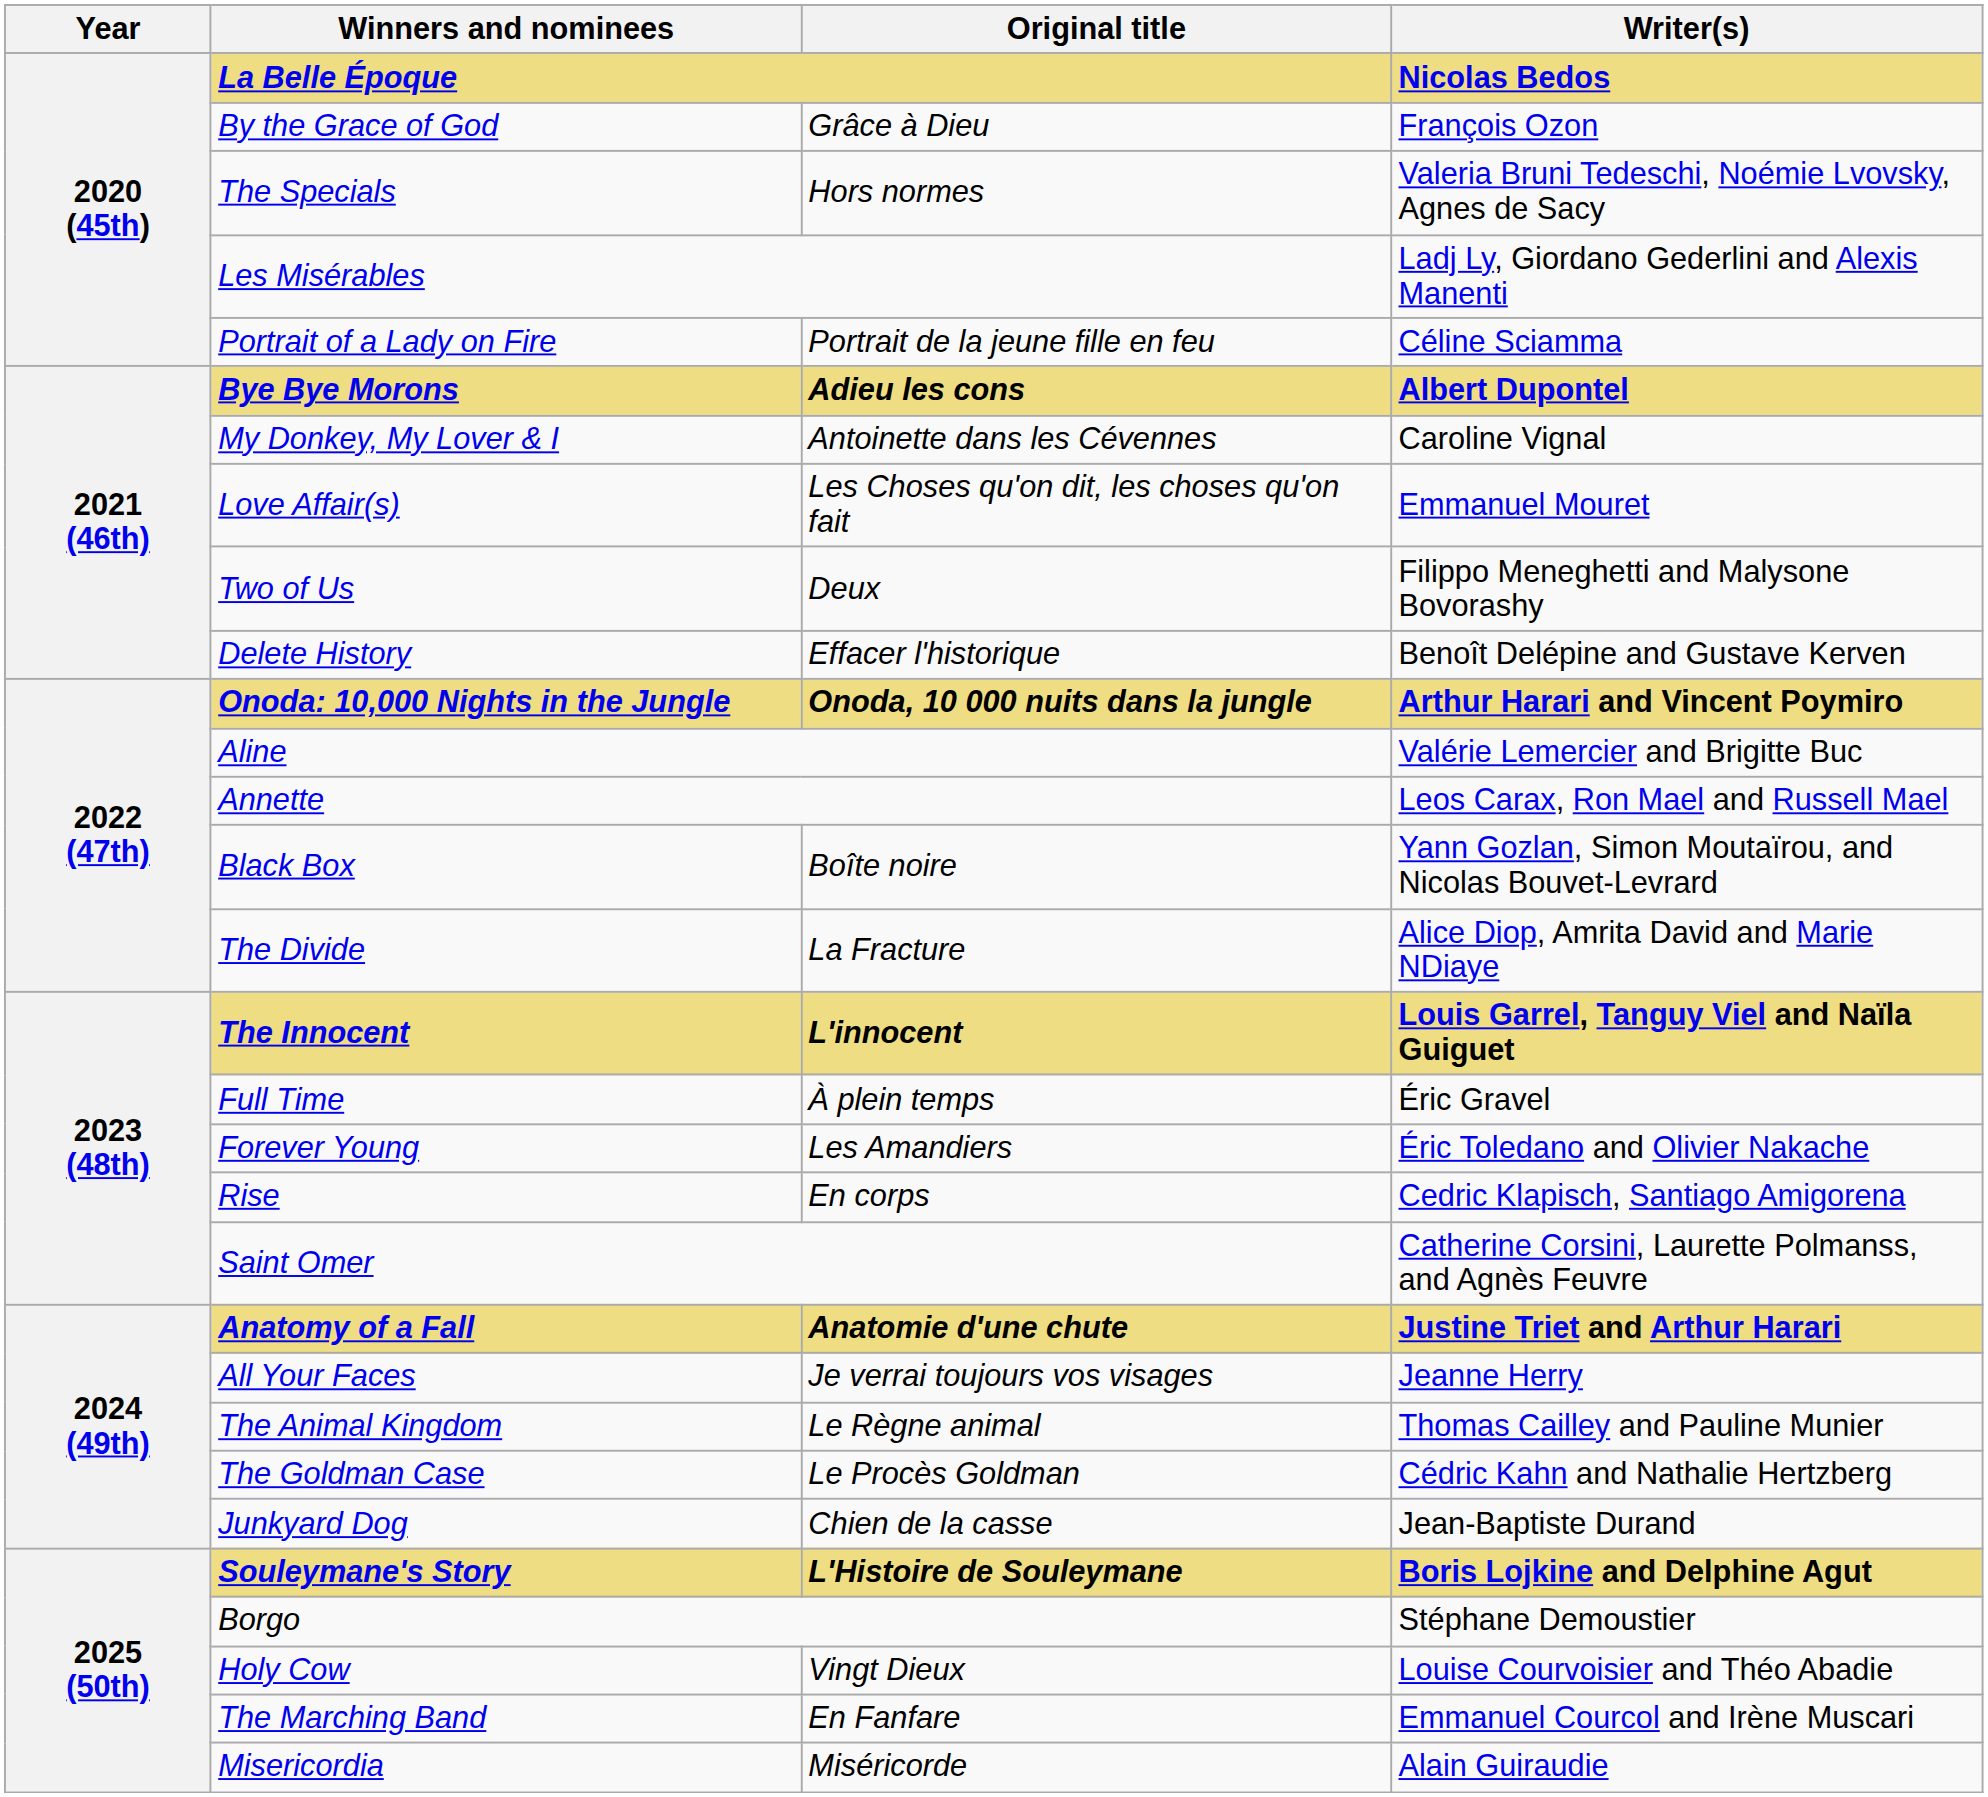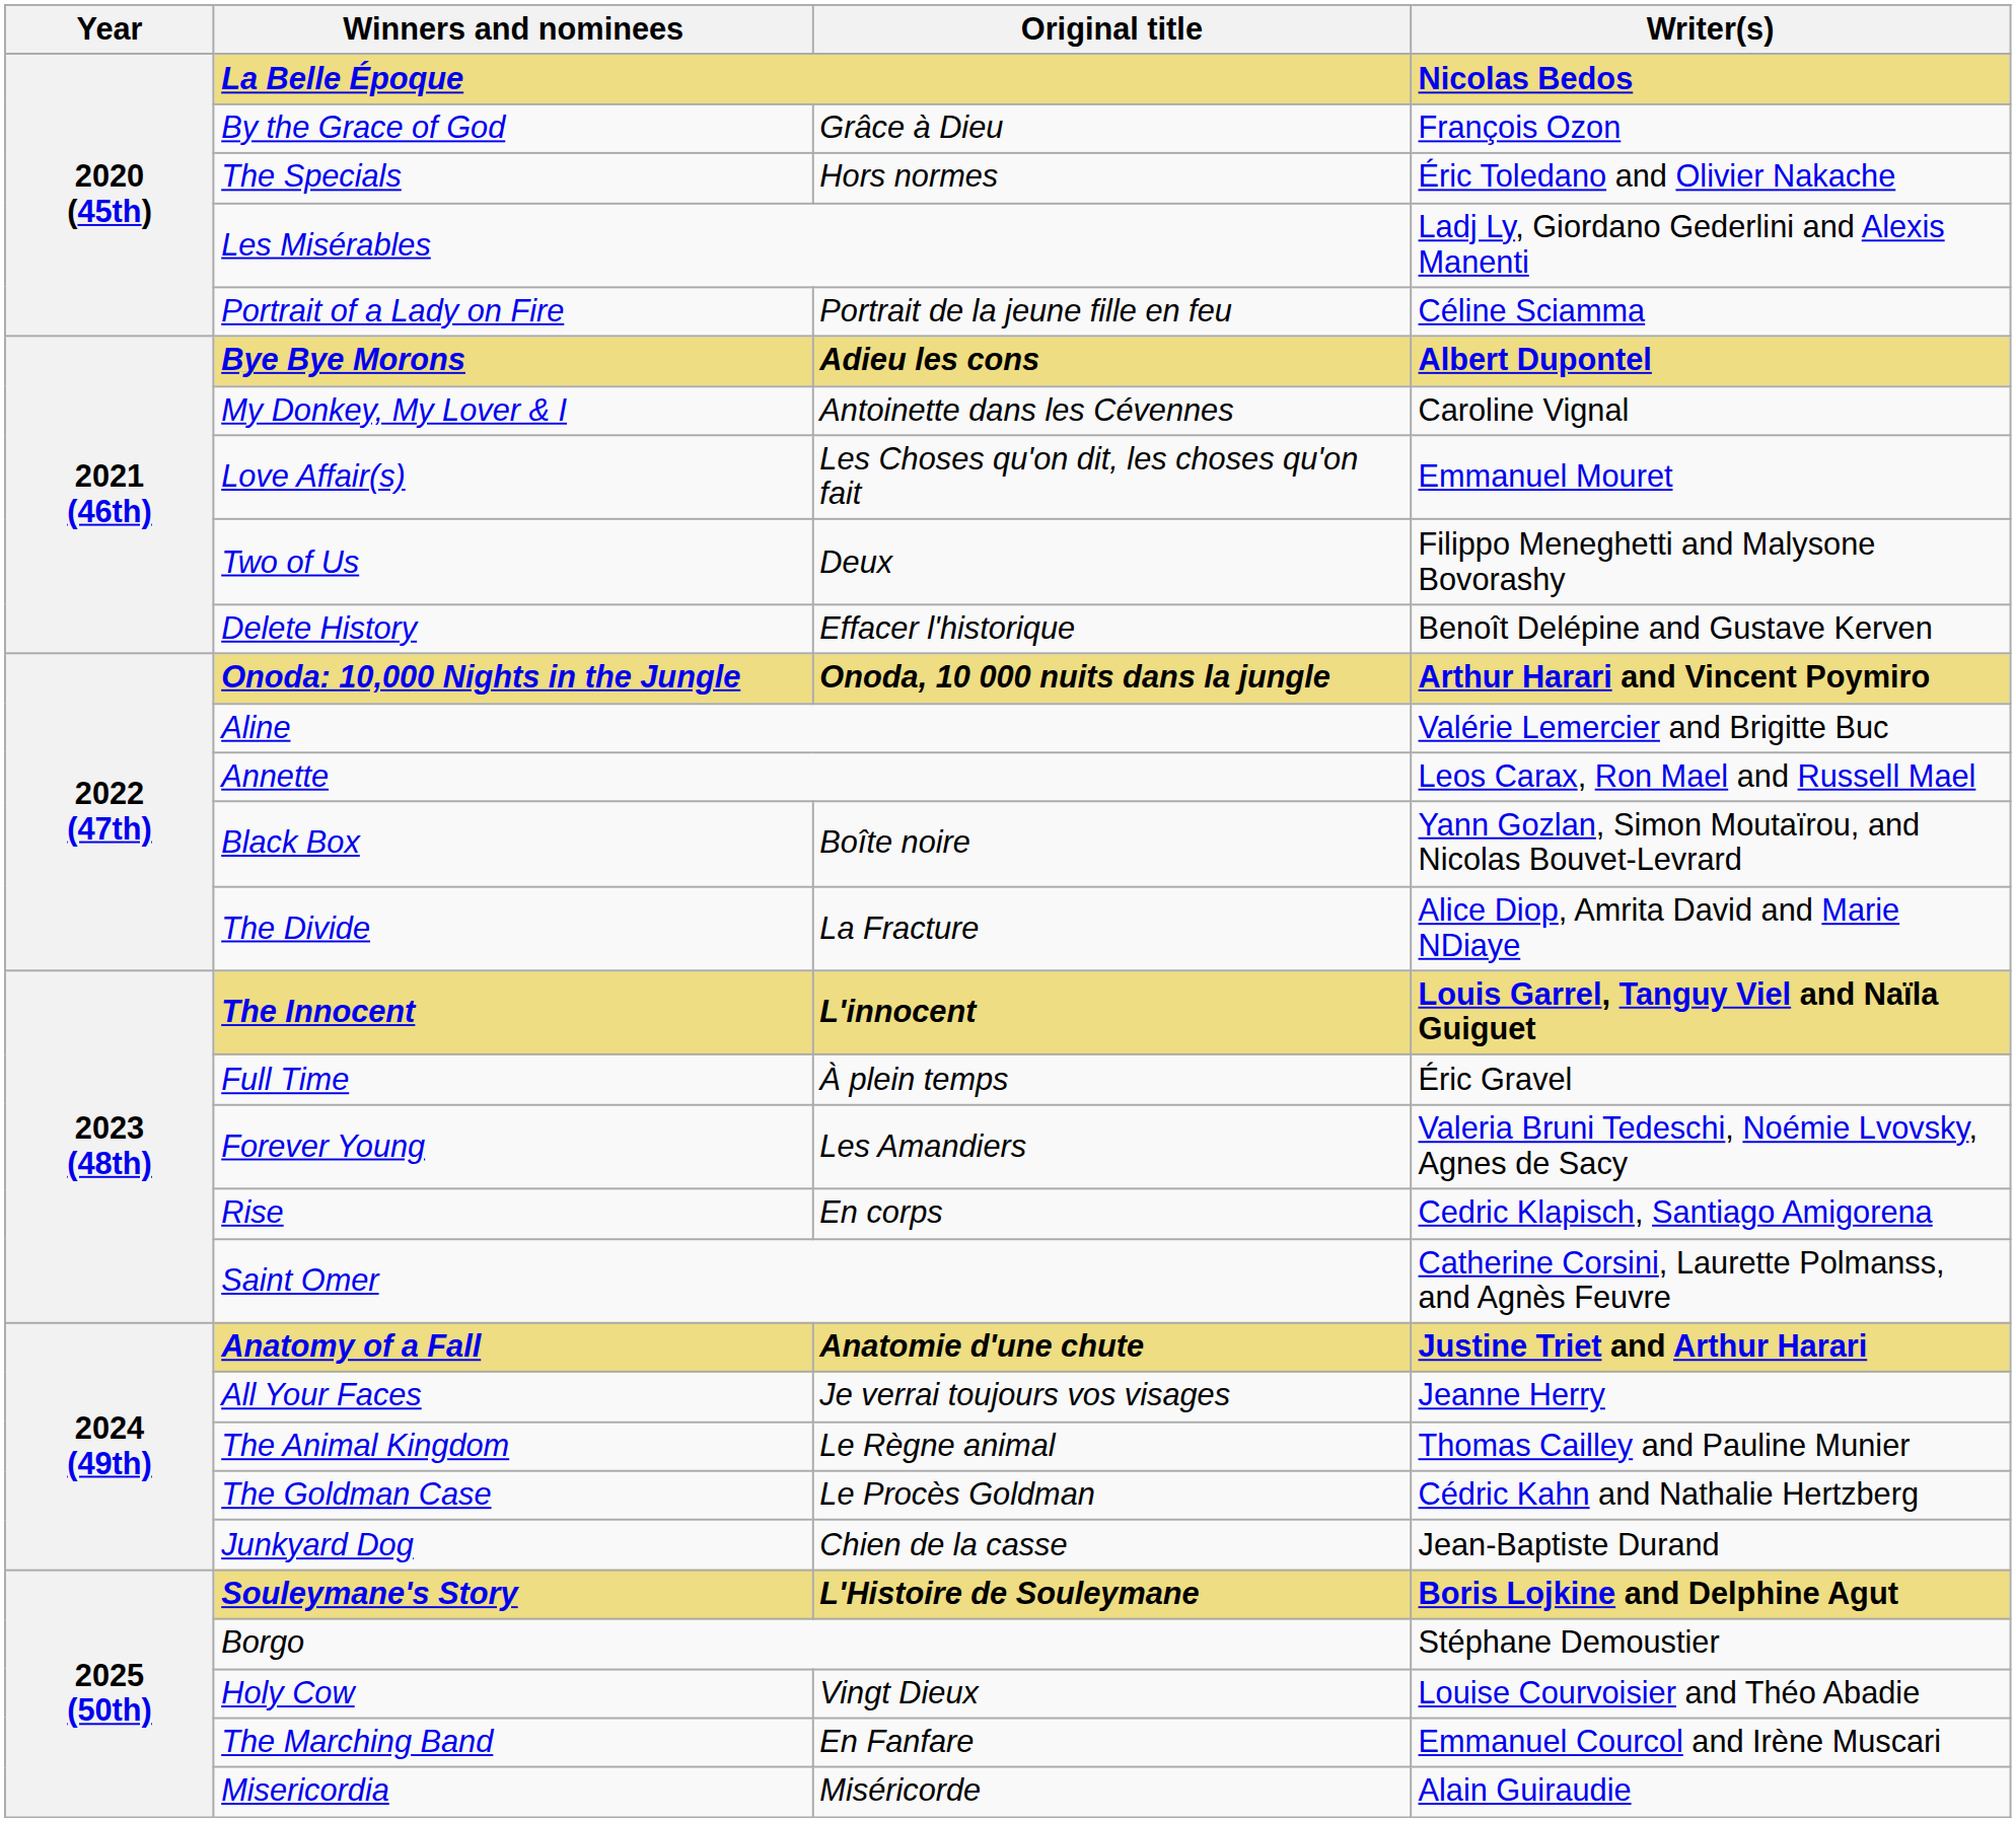 <table class="wikitable">
 <tr>
 <th width="100">Year</th>
 <th width="300">Winners and nominees</th>
 <th width="300">Original title</th>
 <th width="300">Writer(s)</th>
 </tr>
 <tr>
 <th rowspan="5" style="text-align:center;">2020<br>(<a href='#'>45th</a>)</th>
 <td colspan="2" style="background:#eedd82;"><em><a href='#'><strong>La Belle Époque</strong></a></em></td>
 <td style="background:#eedd82;"><strong><a href='#'>Nicolas Bedos</a></strong></td>
 </tr>
 <tr>
 <td><em><a href='#'>By the Grace of God</a></em></td>
 <td><em>Grâce à Dieu</em></td>
 <td><a href='#'>François Ozon</a></td>
 </tr>
 <tr>
 <td><em><a href='#'>The Specials</a></em></td>
 <td><em>Hors normes</em></td>
-<td><a href='#'>Valeria Bruni Tedeschi</a>, <a href='#'>Noémie Lvovsky</a>, Agnes de Sacy</td>
+<td><a href='#'>Éric Toledano</a> and <a href='#'>Olivier Nakache</a></td>
 </tr>
 <tr>
 <td colspan="2"><em><a href='#'>Les Misérables</a></em></td>
 <td><a href='#'>Ladj Ly</a>, Giordano Gederlini and <a href='#'>Alexis Manenti</a></td>
 </tr>
 <tr>
 <td><em><a href='#'>Portrait of a Lady on Fire</a></em></td>
 <td><em>Portrait de la jeune fille en feu</em></td>
 <td><a href='#'>Céline Sciamma</a></td>
 </tr>
 <tr>
 <th rowspan="5" style="text-align:center;">2021<br><a href='#'>(46th)</a><br></th>
 <td style="background:#eedd82;"><strong><em><a href='#'>Bye Bye Morons</a></em></strong></td>
 <td style="background:#eedd82;"><strong><em>Adieu les cons</em></strong></td>
 <td style="background:#eedd82;"><strong><a href='#'>Albert Dupontel</a></strong></td>
 </tr>
 <tr>
 <td><em><a href='#'>My Donkey, My Lover & I</a></em></td>
 <td><em>Antoinette dans les Cévennes</em></td>
 <td>Caroline Vignal</td>
 </tr>
 <tr>
 <td><em><a href='#'>Love Affair(s)</a></em></td>
 <td><em>Les Choses qu'on dit, les choses qu'on fait</em></td>
 <td><a href='#'>Emmanuel Mouret</a></td>
 </tr>
 <tr>
 <td><em><a href='#'>Two of Us</a></em></td>
 <td><em>Deux</em></td>
 <td>Filippo Meneghetti and Malysone Bovorashy</td>
 </tr>
 <tr>
 <td><em><a href='#'>Delete History</a></em></td>
 <td><em>Effacer l'historique</em></td>
 <td>Benoît Delépine and Gustave Kerven</td>
 </tr>
 <tr>
 <th rowspan="5" style="text-align:center;">2022<br><a href='#'>(47th)</a></th>
 <td style="background:#eedd82;"><strong><em><a href='#'>Onoda: 10,000 Nights in the Jungle</a></em></strong></td>
 <td style="background:#eedd82;"><strong><em>Onoda, 10 000 nuits dans la jungle</em></strong></td>
 <td style="background:#eedd82;"><strong><a href='#'>Arthur Harari</a> and Vincent Poymiro</strong></td>
 </tr>
 <tr>
 <td colspan="2"><em><a href='#'>Aline</a></em></td>
 <td><a href='#'>Valérie Lemercier</a> and Brigitte Buc</td>
 </tr>
 <tr>
 <td colspan="2"><em><a href='#'>Annette</a></em></td>
 <td><a href='#'>Leos Carax</a>, <a href='#'>Ron Mael</a> and <a href='#'>Russell Mael</a></td>
 </tr>
 <tr>
 <td><em><a href='#'>Black Box</a></em></td>
 <td><em>Boîte noire</em></td>
 <td><a href='#'>Yann Gozlan</a>, Simon Moutaïrou, and Nicolas Bouvet-Levrard</td>
 </tr>
 <tr>
 <td><em><a href='#'>The Divide</a></em></td>
 <td><em>La Fracture</em></td>
 <td><a href='#'>Alice Diop</a>, Amrita David and <a href='#'>Marie NDiaye</a></td>
 </tr>
 <tr>
 <th rowspan="5" style="text-align:center;">2023<br><a href='#'>(48th)</a></th>
 <td style="background:#eedd82;"><em><a href='#'><strong>The Innocent</strong></a></em></td>
 <td style="background:#eedd82;"><strong><em>L'innocent</em></strong></td>
 <td style="background:#eedd82;"><strong><a href='#'>Louis Garrel</a>, <a href='#'>Tanguy Viel</a> and Naïla Guiguet</strong></td>
 </tr>
 <tr>
 <td><em><a href='#'>Full Time</a></em></td>
 <td><em>À plein temps</em></td>
 <td>Éric Gravel</td>
 </tr>
 <tr>
 <td><em><a href='#'>Forever Young</a></em></td>
 <td><em>Les Amandiers</em></td>
-<td><a href='#'>Éric Toledano</a> and <a href='#'>Olivier Nakache</a></td>
+<td><a href='#'>Valeria Bruni Tedeschi</a>, <a href='#'>Noémie Lvovsky</a>, Agnes de Sacy</td>
 </tr>
 <tr>
 <td><em><a href='#'>Rise</a></em></td>
 <td><em>En corps</em></td>
 <td><a href='#'>Cedric Klapisch</a>, <a href='#'>Santiago Amigorena</a></td>
 </tr>
 <tr>
 <td colspan="2"><em><a href='#'>Saint Omer</a></em></td>
 <td><a href='#'>Catherine Corsini</a>, Laurette Polmanss, and Agnès Feuvre</td>
 </tr>
 <tr>
 <th rowspan="5">2024 <br><a href='#'>(49th)</a></th>
 <td style="background:#eedd82;"><strong><em><a href='#'>Anatomy of a Fall</a></em></strong></td>
 <td style="background:#eedd82;"><strong><em>Anatomie d'une chute</em></strong></td>
 <td style="background:#eedd82;"><strong><a href='#'>Justine Triet</a> and <a href='#'>Arthur Harari</a></strong></td>
 </tr>
 <tr>
 <td><em><a href='#'>All Your Faces</a></em></td>
 <td><em>Je verrai toujours vos visages</em></td>
 <td><a href='#'>Jeanne Herry</a></td>
 </tr>
 <tr>
 <td><em><a href='#'>The Animal Kingdom</a></em></td>
 <td><em>Le Règne animal</em></td>
 <td><a href='#'>Thomas Cailley</a> and Pauline Munier</td>
 </tr>
 <tr>
 <td><em><a href='#'>The Goldman Case</a></em></td>
 <td><em>Le Procès Goldman</em></td>
 <td><a href='#'>Cédric Kahn</a> and Nathalie Hertzberg</td>
 </tr>
 <tr>
 <td><em><a href='#'>Junkyard Dog</a></em></td>
 <td><em>Chien de la casse</em></td>
 <td>Jean-Baptiste Durand</td>
 </tr>
 <tr>
 <th rowspan="5">2025<br><a href='#'>(50th)</a></th>
 <td style="background:#eedd82;"><strong><em><a href='#'>Souleymane's Story</a></em></strong></td>
 <td style="background:#eedd82;"><strong><em>L'Histoire de Souleymane</em></strong></td>
 <td style="background:#eedd82;"><strong><a href='#'>Boris Lojkine</a> and Delphine Agut</strong></td>
 </tr>
 <tr>
 <td colspan="2"><em>Borgo</em></td>
 <td>Stéphane Demoustier</td>
 </tr>
 <tr>
 <td><em><a href='#'>Holy Cow</a></em></td>
 <td><em>Vingt Dieux</em></td>
 <td><a href='#'>Louise Courvoisier</a> and Théo Abadie</td>
 </tr>
 <tr>
 <td><em><a href='#'>The Marching Band</a></em></td>
 <td><em>En Fanfare</em></td>
 <td><a href='#'>Emmanuel Courcol</a> and Irène Muscari</td>
 </tr>
 <tr>
 <td><em><a href='#'>Misericordia</a></em></td>
 <td><em>Miséricorde</em></td>
 <td><a href='#'>Alain Guiraudie</a></td>
 </tr>
 </table>
